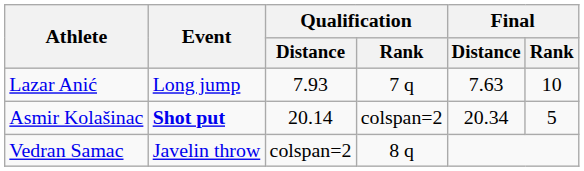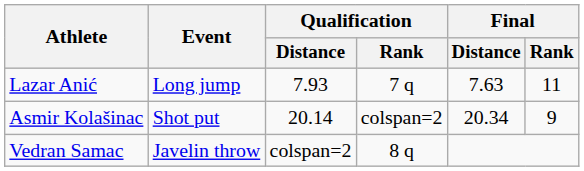 <table class="wikitable" style="font-size:90%">
 <tr>
 <th rowspan=2>Athlete</th>
 <th rowspan=2>Event</th>
 <th colspan=2>Qualification</th>
 <th colspan=2>Final</th>
 </tr>
 <tr style="font-size:95%">
 <th>Distance</th>
 <th>Rank</th>
 <th>Distance</th>
 <th>Rank</th>
 </tr>
 <tr align=center>
 <td align=left><a href='#'>Lazar Anić</a></td>
 <td style="text-align:left;"><a href='#'>Long jump</a></td>
 <td>7.93</td>
 <td>7 q</td>
 <td>7.63</td>
-<td>10</td>
+<td>11</td>
 </tr>
 <tr align=center>
 <td align=left><a href='#'>Asmir Kolašinac</a></td>
-<td style="text-align:left;"><strong><a href='#'>Shot put</a></strong></td>
+<td style="text-align:left;"><a href='#'>Shot put</a></td>
 <td>20.14</td>
 <td>colspan=2 </td>
 <td>20.34</td>
-<td>5</td>
+<td>9</td>
 </tr>
 <tr align=center>
 <td align=left><a href='#'>Vedran Samac</a></td>
 <td style="text-align:left;"><a href='#'>Javelin throw</a></td>
 <td>colspan=2 </td>
 <td>8 q</td>
 </tr>
 </table>
